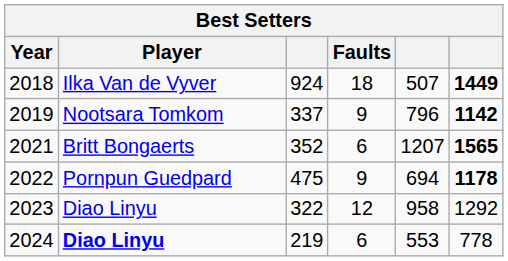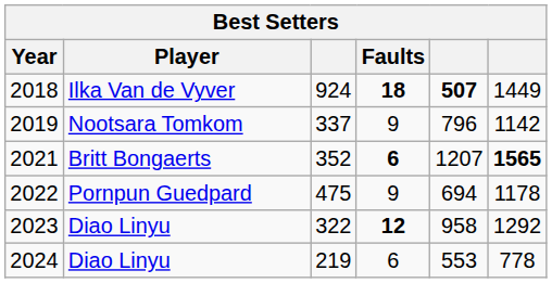 <table class="wikitable sortable" style=font-size:90%>
 <tr>
 <th colspan=7>Best Setters</th>
 </tr>
 <tr>
 <th width=20>Year</th>
 <th width=158>Player</th>
 <th width=20></th>
 <th width=20>Faults</th>
 <th width=20></th>
 <th width=20></th>
 </tr>
 <tr>
 <td>2018</td>
 <td> <a href='#'>Ilka Van de Vyver</a></td>
 <td align=center>924</td>
-<td align=center>18</td>
-<td align=center>507</td>
-<td align=center><strong>1449</strong></td>
+<td align=center><strong>18</strong></td>
+<td align=center><strong>507</strong></td>
+<td align=center>1449</td>
 </tr>
 <tr>
 <td>2019</td>
 <td> <a href='#'>Nootsara Tomkom</a></td>
 <td align=center>337</td>
 <td align=center>9</td>
 <td align=center>796</td>
-<td align=center><strong>1142</strong></td>
+<td align=center>1142</td>
 </tr>
 <tr>
 <td>2021</td>
 <td> <a href='#'>Britt Bongaerts</a></td>
 <td align=center>352</td>
-<td align=center>6</td>
+<td align=center><strong>6</strong></td>
 <td align=center>1207</td>
 <td align=center><strong>1565</strong></td>
 </tr>
 <tr>
 <td>2022</td>
 <td> <a href='#'>Pornpun Guedpard</a></td>
 <td align=center>475</td>
 <td align=center>9</td>
 <td align=center>694</td>
-<td align=center><strong>1178</strong></td>
+<td align=center>1178</td>
 </tr>
 <tr>
 <td>2023</td>
 <td> <a href='#'>Diao Linyu</a></td>
 <td align=center>322</td>
-<td align=center>12</td>
+<td align=center><strong>12</strong></td>
 <td align=center>958</td>
 <td align=center>1292</td>
 </tr>
 <tr>
 <td>2024</td>
-<td><strong> <a href='#'>Diao Linyu</a></strong></td>
+<td> <a href='#'>Diao Linyu</a></td>
 <td align=center>219</td>
 <td align=center>6</td>
 <td align=center>553</td>
 <td align=center>778</td>
 </tr>
 </table>
